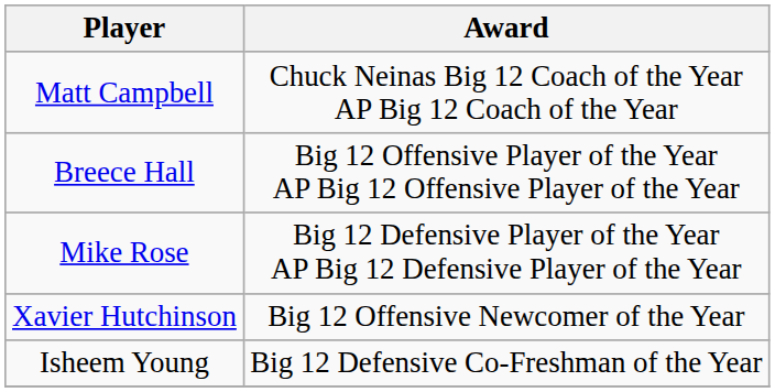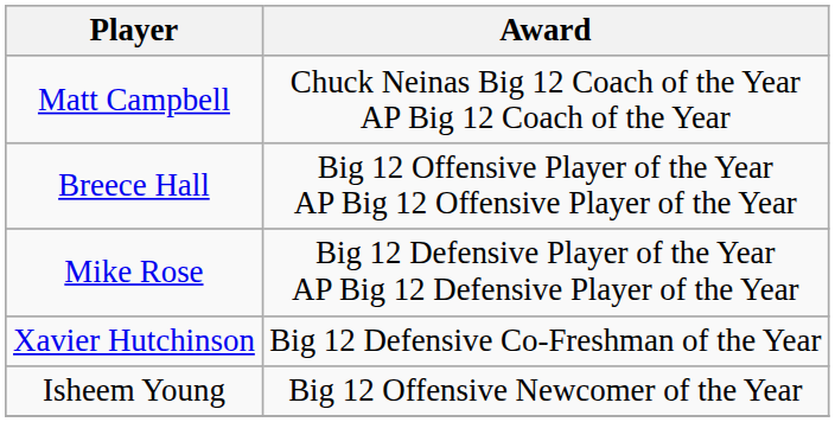 <table class="wikitable" style="text-align: center">
 <tr align="center">
 <th>Player</th>
 <th>Award</th>
 </tr>
 <tr>
 <td><a href='#'>Matt Campbell</a></td>
 <td>Chuck Neinas Big 12 Coach of the Year<br> AP Big 12 Coach of the Year</td>
 </tr>
 <tr>
 <td><a href='#'>Breece Hall</a></td>
 <td>Big 12 Offensive Player of the Year<br>AP Big 12 Offensive Player of the Year</td>
 </tr>
 <tr>
 <td><a href='#'>Mike Rose</a></td>
 <td>Big 12 Defensive Player of the Year<br>AP Big 12 Defensive Player of the Year</td>
 </tr>
 <tr>
 <td><a href='#'>Xavier Hutchinson</a></td>
-<td>Big 12 Offensive Newcomer of the Year</td>
+<td>Big 12 Defensive Co-Freshman of the Year</td>
 </tr>
 <tr>
 <td>Isheem Young</td>
-<td>Big 12 Defensive Co-Freshman of the Year</td>
+<td>Big 12 Offensive Newcomer of the Year</td>
 </tr>
 <tr>
 </tr>
 </table>
